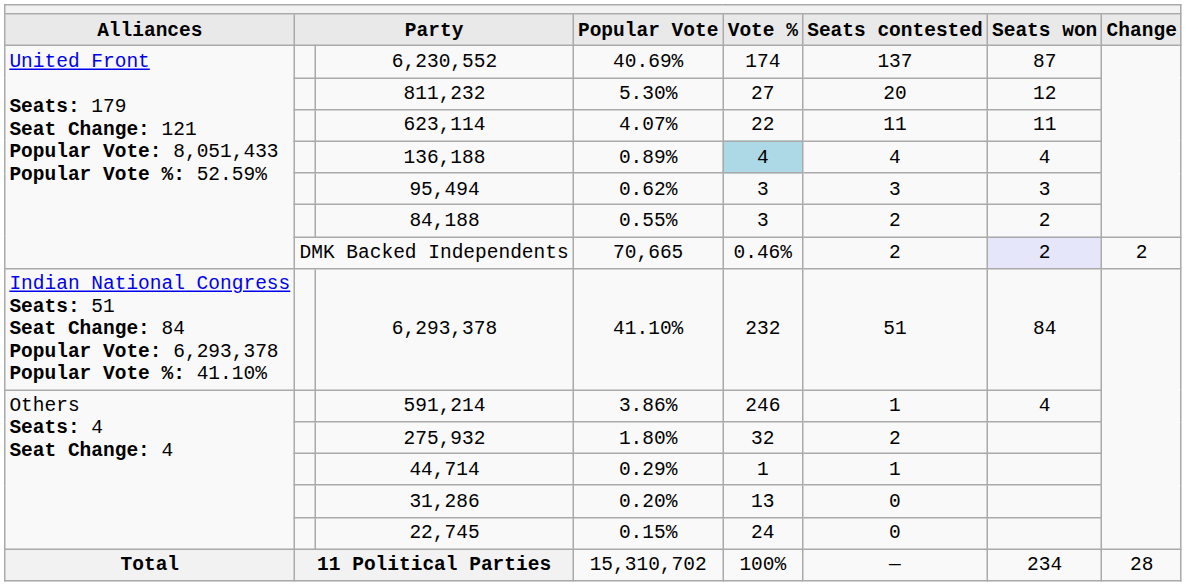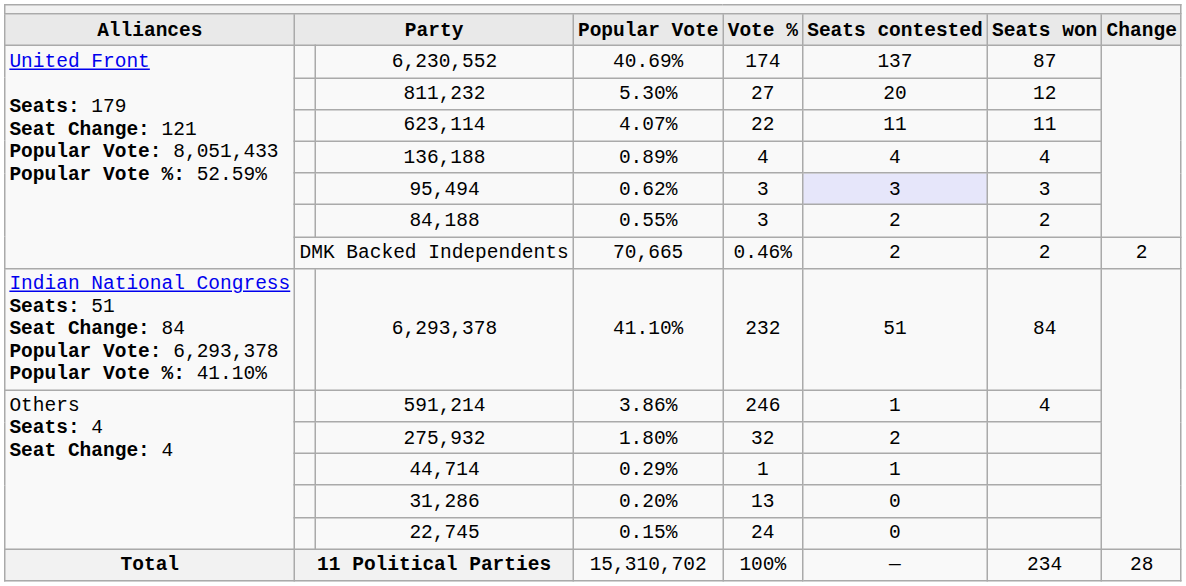 <table class="wikitable">
 <tr>
 <th colspan=8></th>
 </tr>
 <tr>
 <th style="background-color:#E9E9E9" align=left valign=top>Alliances</th>
 <th style="background-color:#E9E9E9" colspan="2">Party</th>
 <th style="background-color:#E9E9E9" align=right>Popular Vote</th>
 <th style="background-color:#E9E9E9" align=right>Vote %</th>
 <th style="background-color:#E9E9E9" align=right>Seats contested</th>
 <th style="background-color:#E9E9E9" align=right>Seats won</th>
 <th style="background-color:#E9E9E9" align=right>Change</th>
 </tr>
 <tr>
 <td align=left rowspan=7 valign=top><a href='#'>United Front</a><br><br><strong>Seats:</strong> 179<br><strong>Seat Change: </strong> 121<br><strong>Popular Vote:</strong> 8,051,433 <br><strong>Popular Vote %:</strong> 52.59%</td>
 <td></td>
 <td align=center>6,230,552</td>
 <td align=center>40.69%</td>
 <td align=center>174</td>
 <td align=center>137</td>
 <td align=center> 87</td>
 </tr>
 <tr>
 <td></td>
 <td align=center>811,232</td>
 <td align=center>5.30%</td>
 <td align=center>27</td>
 <td align=center>20</td>
 <td align=center> 12</td>
 </tr>
 <tr>
 <td></td>
 <td align=center>623,114</td>
 <td align=center>4.07%</td>
 <td align=center>22</td>
 <td align=center>11</td>
 <td align=center> 11</td>
 </tr>
 <tr>
 <td></td>
 <td align=center>136,188</td>
 <td align=center>0.89%</td>
-<td align=center style="background: lightblue;">4</td>
+<td align=center>4</td>
 <td align=center>4</td>
 <td align=center> 4</td>
 </tr>
 <tr>
 <td></td>
 <td align=center>95,494</td>
 <td align=center>0.62%</td>
 <td align=center>3</td>
-<td align=center>3</td>
+<td align=center style="background: lavender;">3</td>
 <td align=center> 3</td>
 </tr>
 <tr>
 <td></td>
 <td align=center>84,188</td>
 <td align=center>0.55%</td>
 <td align=center>3</td>
 <td align=center>2</td>
 <td align=center> 2</td>
 </tr>
 <tr>
 <td align=left colspan="2">DMK Backed Independents</td>
 <td align=center>70,665</td>
 <td align=center>0.46%</td>
 <td align=center>2</td>
-<td align=center style="background: lavender;">2</td>
+<td align=center>2</td>
 <td align=center> 2</td>
 </tr>
 <tr>
 <td align=left rowspan=1 valign=top><a href='#'>Indian National Congress</a><br><strong>Seats: </strong> 51  <br><strong>Seat Change: </strong>  84<br><strong>Popular Vote:</strong> 6,293,378<br><strong>Popular Vote %:</strong> 41.10%</td>
 <td></td>
 <td align=center>6,293,378</td>
 <td align=center>41.10%</td>
 <td align=center>232</td>
 <td align=center>51</td>
 <td align=center> 84</td>
 </tr>
 <tr>
 <td align=left rowspan=5 valign=top>Others<br><strong>Seats:</strong> 4 <br><strong>Seat Change: </strong> 4</td>
 <td></td>
 <td align=center>591,214</td>
 <td align=center>3.86%</td>
 <td align=center>246</td>
 <td align=center>1</td>
 <td align=center> 4</td>
 </tr>
 <tr>
 <td></td>
 <td align=center>275,932</td>
 <td align=center>1.80%</td>
 <td align=center>32</td>
 <td align=center>2</td>
 <td align=center></td>
 </tr>
 <tr>
 <td></td>
 <td align=center>44,714</td>
 <td align=center>0.29%</td>
 <td align=center>1</td>
 <td align=center>1</td>
 <td align=center></td>
 </tr>
 <tr>
 <td></td>
 <td align=center>31,286</td>
 <td align=center>0.20%</td>
 <td align=center>13</td>
 <td align=center>0</td>
 <td align=center></td>
 </tr>
 <tr>
 <td></td>
 <td align=center>22,745</td>
 <td align=center>0.15%</td>
 <td align=center>24</td>
 <td align=center>0</td>
 <td align=center></td>
 </tr>
 <tr>
 <th align=center>Total</th>
 <th align=center colspan="2">11 Political Parties</th>
 <td align=center>15,310,702</td>
 <td align=center>100%</td>
 <td align=center>—</td>
 <td align=center>234</td>
 <td align=center> 28</td>
 </tr>
 </table>
